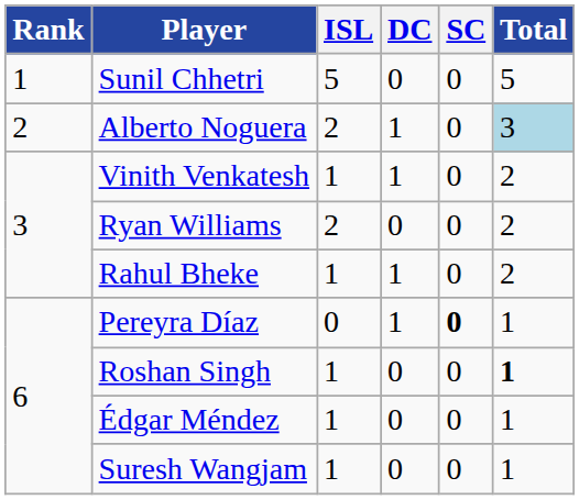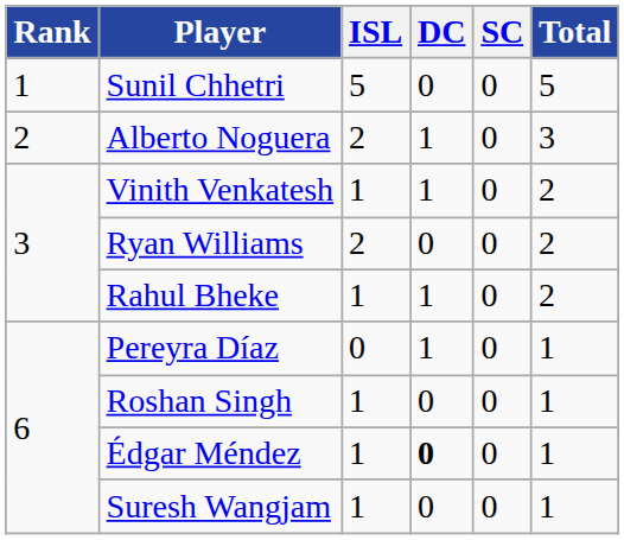 <table class="wikitable">
 <tr>
 <th scope="col" style="background:#2545A0; color:#FFFFFF; ">Rank</th>
 <th scope="col" style="background:#2545A0; color:#FFFFFF; ">Player</th>
 <th><a href='#'>ISL</a></th>
 <th><a href='#'>DC</a></th>
 <th><a href='#'>SC</a></th>
 <th scope="col" style="background:#2545A0; color:#FFFFFF; ">Total</th>
 </tr>
 <tr>
 <td>1</td>
 <td> <a href='#'>Sunil Chhetri</a></td>
 <td>5</td>
 <td>0</td>
 <td>0</td>
 <td>5</td>
 </tr>
 <tr>
 <td>2</td>
 <td> <a href='#'>Alberto Noguera</a></td>
 <td>2</td>
 <td>1</td>
 <td>0</td>
-<td style="background: lightblue;">3</td>
+<td>3</td>
 </tr>
 <tr>
 <td rowspan="3">3</td>
 <td> <a href='#'>Vinith Venkatesh</a></td>
 <td>1</td>
 <td>1</td>
 <td>0</td>
 <td>2</td>
 </tr>
 <tr>
 <td> <a href='#'>Ryan Williams</a></td>
 <td>2</td>
 <td>0</td>
 <td>0</td>
 <td>2</td>
 </tr>
 <tr>
 <td> <a href='#'>Rahul Bheke</a></td>
 <td>1</td>
 <td>1</td>
 <td>0</td>
 <td>2</td>
 </tr>
 <tr>
 <td rowspan="4">6</td>
 <td> <a href='#'>Pereyra Díaz</a></td>
 <td>0</td>
 <td>1</td>
-<td><strong>0</strong></td>
+<td>0</td>
 <td>1</td>
 </tr>
 <tr>
 <td> <a href='#'>Roshan Singh</a></td>
 <td>1</td>
 <td>0</td>
 <td>0</td>
-<td><strong>1</strong></td>
+<td>1</td>
 </tr>
 <tr>
 <td> <a href='#'>Édgar Méndez</a></td>
 <td>1</td>
-<td>0</td>
+<td><strong>0</strong></td>
 <td>0</td>
 <td>1</td>
 </tr>
 <tr>
 <td> <a href='#'>Suresh Wangjam</a></td>
 <td>1</td>
 <td>0</td>
 <td>0</td>
 <td>1</td>
 </tr>
 </table>
